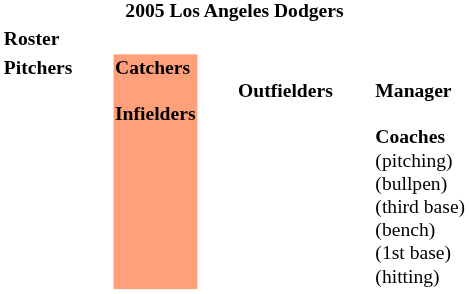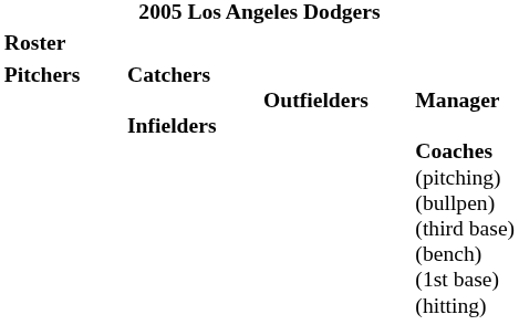 <table class="toccolours" style="font-size: 95%;">
 <tr>
 <th colspan="10">2005 Los Angeles Dodgers</th>
 </tr>
 <tr>
 <td colspan="10"><strong>Roster</strong></td>
 </tr>
 <tr>
 <td valign="top"><strong>Pitchers</strong><br>                                 </td>
 <td width="25px"></td>
-<td valign="top" style="background: lightsalmon;"><strong>Catchers</strong><br>   <br><strong>Infielders</strong>           </td>
+<td valign="top"><strong>Catchers</strong><br>   <br><strong>Infielders</strong>           </td>
 <td width="25px"></td>
 <td valign="top"><br><strong>Outfielders</strong>         </td>
 <td width="25px"></td>
 <td valign="top"><br><strong>Manager</strong><br><br><strong>Coaches</strong> <br> (pitching)  <br>(bullpen)  <br> (third base)  <br>(bench)    <br>(1st base)  <br>(hitting)</td>
 </tr>
 </table>
